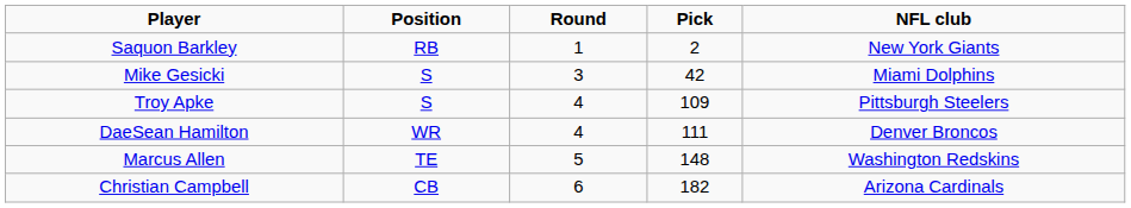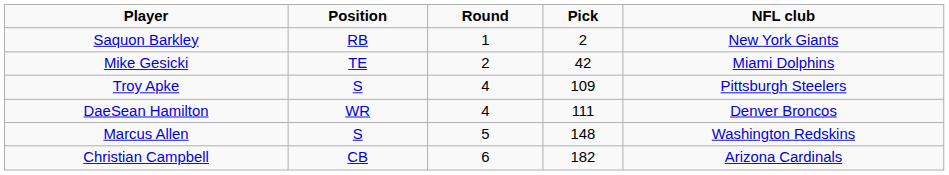 <table class="wikitable" width="80%">
 <tr align="center">
 <td><strong>Player</strong></td>
 <td><strong>Position</strong></td>
 <td><strong>Round</strong></td>
 <td><strong>Pick</strong></td>
 <td><strong>NFL club</strong></td>
 </tr>
 <tr align="center" bgcolor="">
 <td><a href='#'>Saquon Barkley</a></td>
 <td><a href='#'>RB</a></td>
 <td>1</td>
 <td>2</td>
 <td><a href='#'>New York Giants</a></td>
 </tr>
 <tr align="center" bgcolor="">
 <td><a href='#'>Mike Gesicki</a></td>
-<td><a href='#'>S</a></td>
-<td>3</td>
+<td><a href='#'>TE</a></td>
+<td>2</td>
 <td>42</td>
 <td><a href='#'>Miami Dolphins</a></td>
 </tr>
 <tr align="center" bgcolor="">
 <td><a href='#'>Troy Apke</a></td>
 <td><a href='#'>S</a></td>
 <td>4</td>
 <td>109</td>
 <td><a href='#'>Pittsburgh Steelers</a></td>
 </tr>
 <tr align="center" bgcolor="">
 <td><a href='#'>DaeSean Hamilton</a></td>
 <td><a href='#'>WR</a></td>
 <td>4</td>
 <td>111</td>
 <td><a href='#'>Denver Broncos</a></td>
 </tr>
 <tr align="center" bgcolor="">
 <td><a href='#'>Marcus Allen</a></td>
-<td><a href='#'>TE</a></td>
+<td><a href='#'>S</a></td>
 <td>5</td>
 <td>148</td>
 <td><a href='#'>Washington Redskins</a></td>
 </tr>
 <tr align="center" bgcolor="">
 <td><a href='#'>Christian Campbell</a></td>
 <td><a href='#'>CB</a></td>
 <td>6</td>
 <td>182</td>
 <td><a href='#'>Arizona Cardinals</a></td>
 </tr>
 </table>
